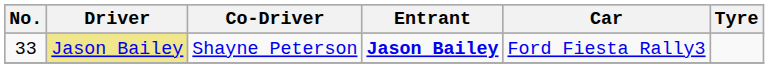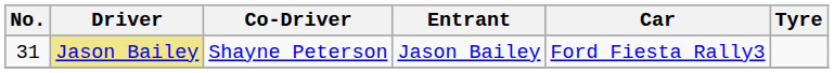 <table class="wikitable" style="font-size: 85%;">
 <tr>
 <th>No.</th>
 <th>Driver</th>
 <th>Co-Driver</th>
 <th>Entrant</th>
 <th>Car</th>
 <th>Tyre</th>
 </tr>
 <tr>
-<td align="center">33</td>
+<td align="center">31</td>
 <td style="background: khaki;"> <a href='#'>Jason Bailey</a></td>
 <td> <a href='#'>Shayne Peterson</a></td>
-<td><strong> <a href='#'>Jason Bailey</a></strong></td>
+<td> <a href='#'>Jason Bailey</a></td>
 <td><a href='#'>Ford Fiesta Rally3</a></td>
 <td align="center"></td>
 </tr>
 <tr>
 </tr>
 </table>
